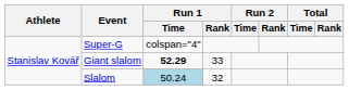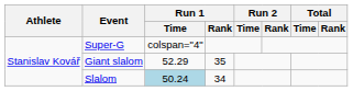 <table class="wikitable" style="font-size:90%">
 <tr>
 <th rowspan=2>Athlete</th>
 <th rowspan=2>Event</th>
 <th colspan=2>Run 1</th>
 <th colspan=2>Run 2</th>
 <th colspan=2>Total</th>
 </tr>
 <tr style="font-size:95%">
 <th>Time</th>
 <th>Rank</th>
 <th>Time</th>
 <th>Rank</th>
 <th>Time</th>
 <th>Rank</th>
 </tr>
 <tr align=center>
 <td rowspan="3" align="left"><a href='#'>Stanislav Kovář</a></td>
 <td align="left"><a href='#'>Super-G</a></td>
 <td>colspan="4"</td>
 <td colspan="2"></td>
 </tr>
 <tr align=center>
 <td align="left"><a href='#'>Giant slalom</a></td>
-<td><strong>52.29</strong></td>
-<td>33</td>
+<td>52.29</td>
+<td>35</td>
 <td colspan="2"></td>
 <td colspan="2"></td>
 </tr>
 <tr align=center>
 <td align="left"><a href='#'>Slalom</a></td>
 <td style="background: lightblue;">50.24</td>
-<td>32</td>
+<td>34</td>
 <td colspan="2"></td>
 <td colspan="2"></td>
 </tr>
 </table>
